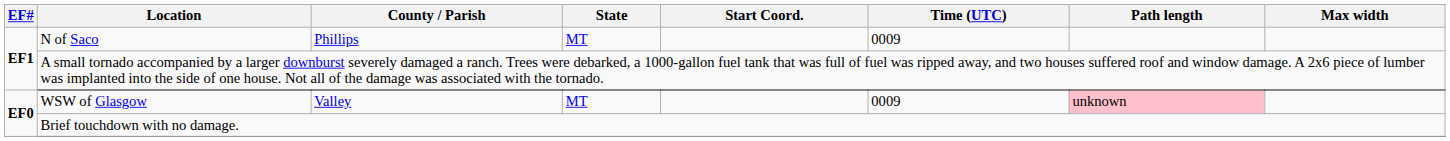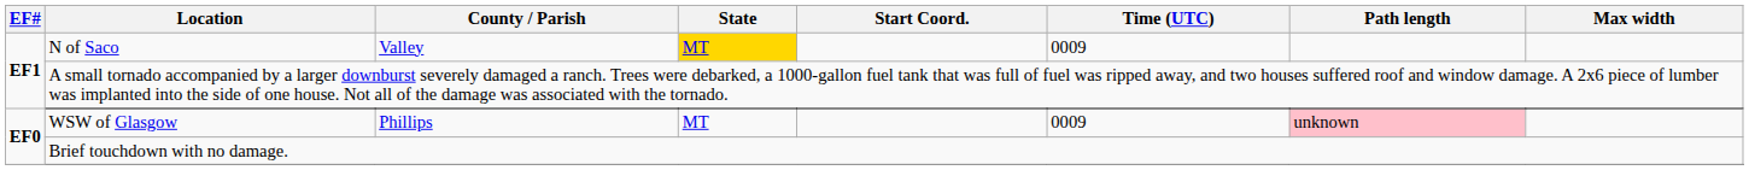 <table class="wikitable sortable" style="width:100%;">
 <tr>
 <th scope="col" width="2%" align="center"><a href='#'>EF#</a></th>
 <th scope="col" align="center" class="unsortable">Location</th>
 <th scope="col" align="center" class="unsortable">County / Parish</th>
 <th scope="col" align="center">State</th>
 <th scope="col" align="center" data-sort-type="number">Start Coord.</th>
 <th scope="col" align="center" data-sort-type="number">Time (<a href='#'>UTC</a>)</th>
 <th scope="col" align="center" data-sort-type="number">Path length</th>
 <th scope="col" align="center" data-sort-type="number">Max width</th>
 </tr>
 <tr>
 <td rowspan="2" align="center"><strong>EF1</strong></td>
 <td>N of <a href='#'>Saco</a></td>
-<td><a href='#'>Phillips</a></td>
-<td><a href='#'>MT</a></td>
+<td><a href='#'>Valley</a></td>
+<td style="background: gold;"><a href='#'>MT</a></td>
 <td></td>
 <td>0009</td>
 <td></td>
 <td></td>
 </tr>
 <tr class="expand-child">
 <td colspan="8" style=" border-bottom: 1px solid black;">A small tornado accompanied by a larger <a href='#'>downburst</a> severely damaged a ranch. Trees were debarked, a 1000-gallon fuel tank that was full of fuel was ripped away, and two houses suffered roof and window damage. A 2x6 piece of lumber was implanted into the side of one house. Not all of the damage was associated with the tornado.</td>
 </tr>
 <tr>
 <td rowspan="2" align="center"><strong>EF0</strong></td>
 <td>WSW of <a href='#'>Glasgow</a></td>
-<td><a href='#'>Valley</a></td>
+<td><a href='#'>Phillips</a></td>
 <td><a href='#'>MT</a></td>
 <td></td>
 <td>0009</td>
 <td style="background: pink;">unknown</td>
 <td></td>
 </tr>
 <tr class="expand-child">
 <td colspan="8" style=" border-bottom: 1px solid black;">Brief touchdown with no damage.</td>
 </tr>
 <tr>
 </tr>
 </table>
